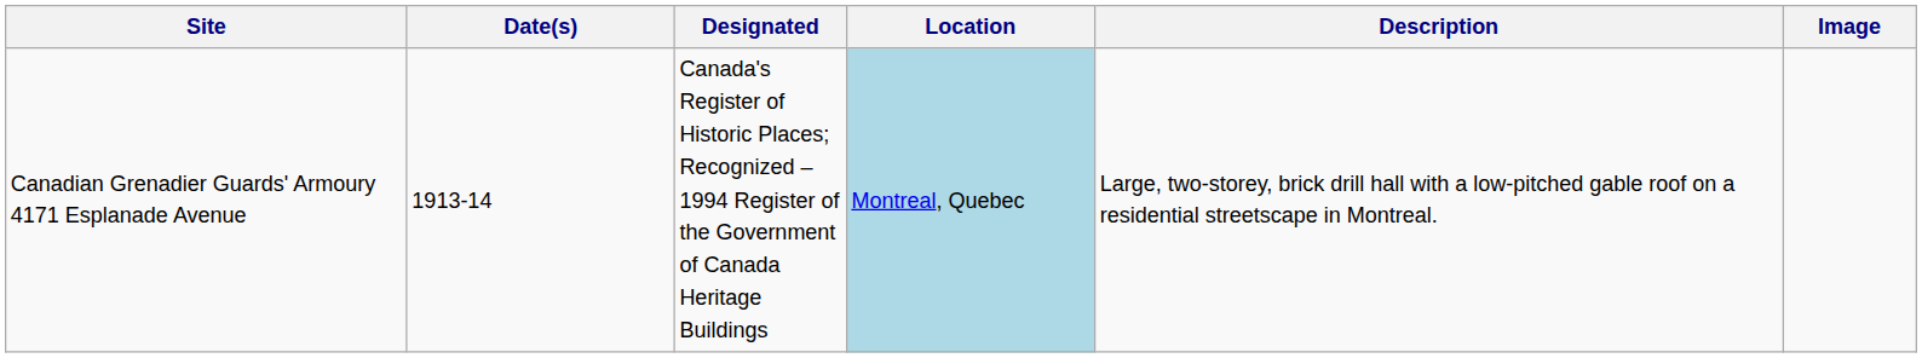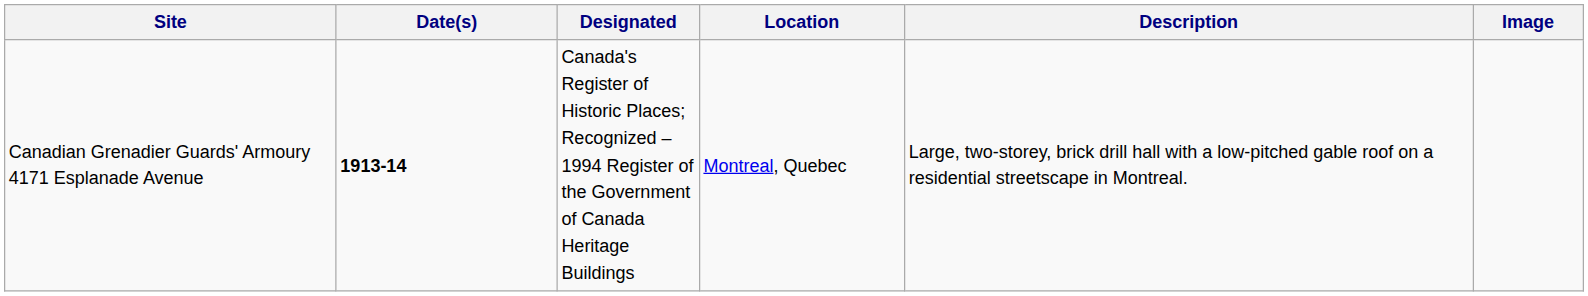 <table class="wikitable sortable" style="font-size:90%;width:100%;border:0px;text-align:left;line-height:150%;">
 <tr>
 <th style="background: #f2f2f2; color: #000080" width="21%">Site</th>
 <th style="background: #f2f2f2; color: #000080" width="14%">Date(s)</th>
 <th style="background: #f2f2f2; color: #000080" width="9%">Designated</th>
 <th style="background: #f2f2f2; color: #000080" width="13%">Location</th>
 <th style="background: #f2f2f2; color: #000080" width="36%" class="unsortable">Description</th>
 <th style="background: #f2f2f2; color: #000080" width="7%" class="unsortable">Image</th>
 </tr>
 <tr>
 <td>Canadian Grenadier Guards' Armoury 4171 Esplanade Avenue</td>
-<td>1913-14</td>
+<td><strong>1913-14</strong></td>
 <td>Canada's Register of Historic Places; Recognized – 1994 Register of the Government of Canada Heritage Buildings</td>
-<td style="background: lightblue;"><a href='#'>Montreal</a>, Quebec</td>
+<td><a href='#'>Montreal</a>, Quebec</td>
 <td>Large, two-storey, brick drill hall with a low-pitched gable roof on a residential streetscape in Montreal.</td>
 <td></td>
 </tr>
 <tr>
 </tr>
 </table>
